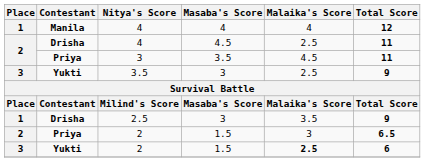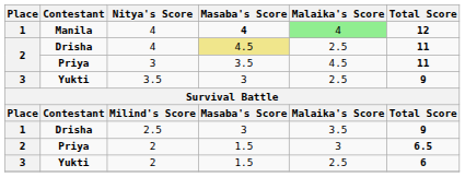 <table class="wikitable" style="text-align:center">
 <tr>
 <th>Place</th>
 <th>Contestant</th>
 <th>Nitya's Score</th>
 <th>Masaba's Score</th>
 <th>Malaika's Score</th>
 <th>Total Score</th>
 </tr>
 <tr>
 <th>1</th>
 <td><strong>Manila</strong></td>
 <td>4</td>
-<td>4</td>
-<td>4</td>
+<td><strong>4</strong></td>
+<td style="background: lightgreen;">4</td>
 <td><strong>12</strong></td>
 </tr>
 <tr>
 <th rowspan="2">2</th>
 <td><strong>Drisha</strong></td>
 <td>4</td>
-<td>4.5</td>
+<td style="background: khaki;">4.5</td>
 <td>2.5</td>
 <td><strong>11</strong></td>
 </tr>
 <tr>
 <td><strong>Priya</strong></td>
 <td>3</td>
 <td>3.5</td>
 <td>4.5</td>
 <td><strong>11</strong></td>
 </tr>
 <tr>
 <th>3</th>
 <td><strong>Yukti</strong></td>
 <td>3.5</td>
 <td>3</td>
 <td>2.5</td>
 <td><strong>9</strong></td>
 </tr>
 <tr>
 <th colspan="6">Survival Battle</th>
 </tr>
 <tr>
 <th>Place</th>
 <th>Contestant</th>
 <th>Milind's Score</th>
 <th>Masaba's Score</th>
 <th>Malaika's Score</th>
 <th>Total Score</th>
 </tr>
 <tr>
 <th>1</th>
 <td><strong>Drisha</strong></td>
 <td>2.5</td>
 <td>3</td>
 <td>3.5</td>
 <td><strong>9</strong></td>
 </tr>
 <tr>
 <th>2</th>
 <td><strong>Priya</strong></td>
 <td>2</td>
 <td>1.5</td>
 <td>3</td>
 <td><strong>6.5</strong></td>
 </tr>
 <tr>
 <th>3</th>
 <td><strong>Yukti</strong></td>
 <td>2</td>
 <td>1.5</td>
-<td><strong>2.5</strong></td>
+<td>2.5</td>
 <td><strong>6</strong></td>
 </tr>
 <tr>
 </tr>
 </table>
